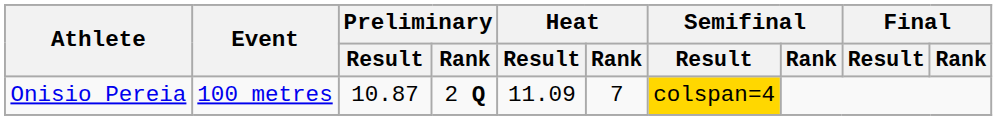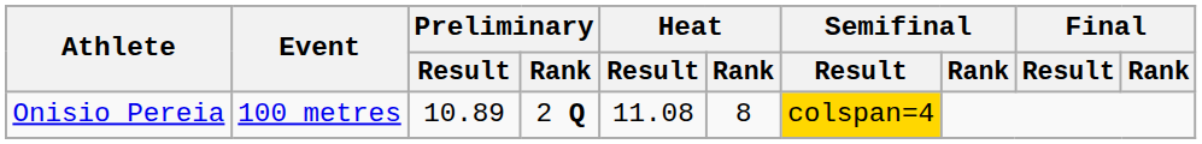 <table class="wikitable" style="font-size:90%">
 <tr>
 <th rowspan="2">Athlete</th>
 <th rowspan="2">Event</th>
 <th colspan="2">Preliminary</th>
 <th colspan="2">Heat</th>
 <th colspan="2">Semifinal</th>
 <th colspan="2">Final</th>
 </tr>
 <tr style="font-size:95%">
 <th>Result</th>
 <th>Rank</th>
 <th>Result</th>
 <th>Rank</th>
 <th>Result</th>
 <th>Rank</th>
 <th>Result</th>
 <th>Rank</th>
 </tr>
 <tr align=center>
 <td align=left><a href='#'>Onisio Pereia</a></td>
 <td align=left><a href='#'>100 metres</a></td>
-<td>10.87</td>
+<td>10.89</td>
 <td>2 <strong>Q</strong></td>
-<td>11.09</td>
-<td>7</td>
+<td>11.08</td>
+<td>8</td>
 <td style="background: gold;">colspan=4 </td>
 </tr>
 </table>
